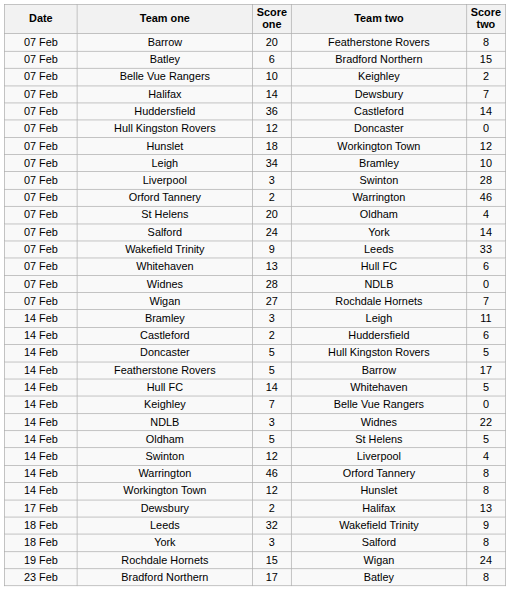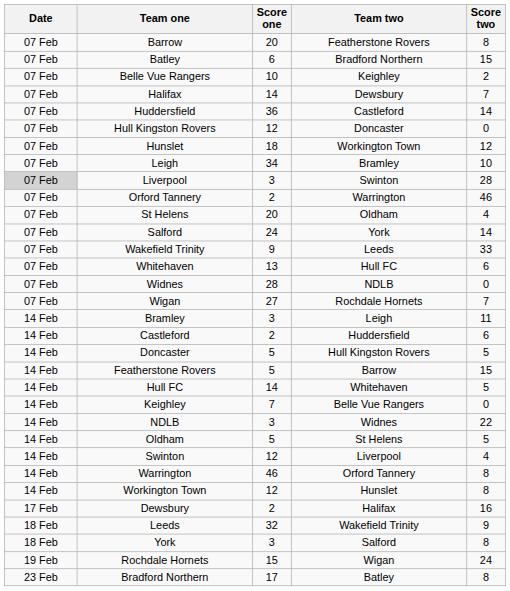 <table class="wikitable" style="text-align: center">
 <tr>
 <th width=100>Date</th>
 <th width=250>Team one</th>
 <th width=50>Score one</th>
 <th width=250>Team two</th>
 <th width=50>Score two</th>
 </tr>
 <tr>
 <td>07 Feb</td>
 <td>Barrow</td>
 <td>20</td>
 <td>Featherstone Rovers</td>
 <td>8</td>
 </tr>
 <tr>
 <td>07 Feb</td>
 <td>Batley</td>
 <td>6</td>
 <td>Bradford Northern</td>
 <td>15</td>
 </tr>
 <tr>
 <td>07 Feb</td>
 <td>Belle Vue Rangers</td>
 <td>10</td>
 <td>Keighley</td>
 <td>2</td>
 </tr>
 <tr>
 <td>07 Feb</td>
 <td>Halifax</td>
 <td>14</td>
 <td>Dewsbury</td>
 <td>7</td>
 </tr>
 <tr>
 <td>07 Feb</td>
 <td>Huddersfield</td>
 <td>36</td>
 <td>Castleford</td>
 <td>14</td>
 </tr>
 <tr>
 <td>07 Feb</td>
 <td>Hull Kingston Rovers</td>
 <td>12</td>
 <td>Doncaster</td>
 <td>0</td>
 </tr>
 <tr>
 <td>07 Feb</td>
 <td>Hunslet</td>
 <td>18</td>
 <td>Workington Town</td>
 <td>12</td>
 </tr>
 <tr>
 <td>07 Feb</td>
 <td>Leigh</td>
 <td>34</td>
 <td>Bramley</td>
 <td>10</td>
 </tr>
 <tr>
-<td>07 Feb</td>
+<td style="background: lightgrey;">07 Feb</td>
 <td>Liverpool</td>
 <td>3</td>
 <td>Swinton</td>
 <td>28</td>
 </tr>
 <tr>
 <td>07 Feb</td>
 <td>Orford Tannery</td>
 <td>2</td>
 <td>Warrington</td>
 <td>46</td>
 </tr>
 <tr>
 <td>07 Feb</td>
 <td>St Helens</td>
 <td>20</td>
 <td>Oldham</td>
 <td>4</td>
 </tr>
 <tr>
 <td>07 Feb</td>
 <td>Salford</td>
 <td>24</td>
 <td>York</td>
 <td>14</td>
 </tr>
 <tr>
 <td>07 Feb</td>
 <td>Wakefield Trinity</td>
 <td>9</td>
 <td>Leeds</td>
 <td>33</td>
 </tr>
 <tr>
 <td>07 Feb</td>
 <td>Whitehaven</td>
 <td>13</td>
 <td>Hull FC</td>
 <td>6</td>
 </tr>
 <tr>
 <td>07 Feb</td>
 <td>Widnes</td>
 <td>28</td>
 <td>NDLB</td>
 <td>0</td>
 </tr>
 <tr>
 <td>07 Feb</td>
 <td>Wigan</td>
 <td>27</td>
 <td>Rochdale Hornets</td>
 <td>7</td>
 </tr>
 <tr>
 <td>14 Feb</td>
 <td>Bramley</td>
 <td>3</td>
 <td>Leigh</td>
 <td>11</td>
 </tr>
 <tr>
 <td>14 Feb</td>
 <td>Castleford</td>
 <td>2</td>
 <td>Huddersfield</td>
 <td>6</td>
 </tr>
 <tr>
 <td>14 Feb</td>
 <td>Doncaster</td>
 <td>5</td>
 <td>Hull Kingston Rovers</td>
 <td>5</td>
 </tr>
 <tr>
 <td>14 Feb</td>
 <td>Featherstone Rovers</td>
 <td>5</td>
 <td>Barrow</td>
-<td>17</td>
+<td>15</td>
 </tr>
 <tr>
 <td>14 Feb</td>
 <td>Hull FC</td>
 <td>14</td>
 <td>Whitehaven</td>
 <td>5</td>
 </tr>
 <tr>
 <td>14 Feb</td>
 <td>Keighley</td>
 <td>7</td>
 <td>Belle Vue Rangers</td>
 <td>0</td>
 </tr>
 <tr>
 <td>14 Feb</td>
 <td>NDLB</td>
 <td>3</td>
 <td>Widnes</td>
 <td>22</td>
 </tr>
 <tr>
 <td>14 Feb</td>
 <td>Oldham</td>
 <td>5</td>
 <td>St Helens</td>
 <td>5</td>
 </tr>
 <tr>
 <td>14 Feb</td>
 <td>Swinton</td>
 <td>12</td>
 <td>Liverpool</td>
 <td>4</td>
 </tr>
 <tr>
 <td>14 Feb</td>
 <td>Warrington</td>
 <td>46</td>
 <td>Orford Tannery</td>
 <td>8</td>
 </tr>
 <tr>
 <td>14 Feb</td>
 <td>Workington Town</td>
 <td>12</td>
 <td>Hunslet</td>
 <td>8</td>
 </tr>
 <tr>
 <td>17 Feb</td>
 <td>Dewsbury</td>
 <td>2</td>
 <td>Halifax</td>
-<td>13</td>
+<td>16</td>
 </tr>
 <tr>
 <td>18 Feb</td>
 <td>Leeds</td>
 <td>32</td>
 <td>Wakefield Trinity</td>
 <td>9</td>
 </tr>
 <tr>
 <td>18 Feb</td>
 <td>York</td>
 <td>3</td>
 <td>Salford</td>
 <td>8</td>
 </tr>
 <tr>
 <td>19 Feb</td>
 <td>Rochdale Hornets</td>
 <td>15</td>
 <td>Wigan</td>
 <td>24</td>
 </tr>
 <tr>
 <td>23 Feb</td>
 <td>Bradford Northern</td>
 <td>17</td>
 <td>Batley</td>
 <td>8</td>
 </tr>
 </table>
